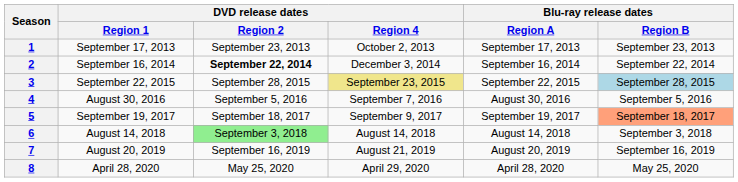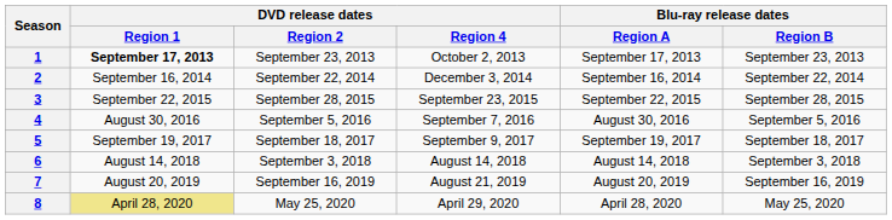 <table class="wikitable" style="text-align:center;">
 <tr>
 <th scope="col" rowspan="2" width="6%">Season</th>
 <th scope="col" colspan="3">DVD release dates</th>
 <th scope="col" colspan="2">Blu-ray release dates</th>
 </tr>
 <tr>
 <th scope="col" width="15%"><a href='#'>Region 1</a></th>
 <th scope="col" width="15%"><a href='#'>Region 2</a></th>
 <th scope="col" width="15%"><a href='#'>Region 4</a></th>
 <th scope="col" width="15%"><a href='#'>Region A</a></th>
 <th scope="col" width="15%"><a href='#'>Region B</a></th>
 </tr>
 <tr>
 <th scope="row"><a href='#'>1</a></th>
-<td>September 17, 2013</td>
+<td><strong>September 17, 2013</strong></td>
 <td>September 23, 2013</td>
 <td>October 2, 2013</td>
 <td>September 17, 2013</td>
 <td>September 23, 2013</td>
 </tr>
 <tr>
 <th scope="row"><a href='#'>2</a></th>
 <td>September 16, 2014</td>
-<td><strong>September 22, 2014</strong></td>
+<td>September 22, 2014</td>
 <td>December 3, 2014</td>
 <td>September 16, 2014</td>
 <td>September 22, 2014</td>
 </tr>
 <tr>
 <th scope="row"><a href='#'>3</a></th>
 <td>September 22, 2015</td>
 <td>September 28, 2015</td>
-<td style="background: khaki;">September 23, 2015</td>
+<td>September 23, 2015</td>
 <td>September 22, 2015</td>
-<td style="background: lightblue;">September 28, 2015</td>
+<td>September 28, 2015</td>
 </tr>
 <tr>
 <th scope="row"><a href='#'>4</a></th>
 <td>August 30, 2016</td>
 <td>September 5, 2016</td>
 <td>September 7, 2016</td>
 <td>August 30, 2016</td>
 <td>September 5, 2016</td>
 </tr>
 <tr>
 <th scope="row"><a href='#'>5</a></th>
 <td>September 19, 2017</td>
 <td>September 18, 2017</td>
 <td>September 9, 2017</td>
 <td>September 19, 2017</td>
-<td style="background: lightsalmon;">September 18, 2017</td>
+<td>September 18, 2017</td>
 </tr>
 <tr>
 <th scope="row"><a href='#'>6</a></th>
 <td>August 14, 2018</td>
-<td style="background: lightgreen;">September 3, 2018</td>
+<td>September 3, 2018</td>
 <td>August 14, 2018</td>
 <td>August 14, 2018</td>
 <td>September 3, 2018</td>
 </tr>
 <tr>
 <th scope="row"><a href='#'>7</a></th>
 <td>August 20, 2019</td>
 <td>September 16, 2019</td>
 <td>August 21, 2019</td>
 <td>August 20, 2019</td>
 <td>September 16, 2019</td>
 </tr>
 <tr>
 <th scope="row"><a href='#'>8</a></th>
-<td>April 28, 2020</td>
+<td style="background: khaki;">April 28, 2020</td>
 <td>May 25, 2020</td>
 <td>April 29, 2020</td>
 <td>April 28, 2020</td>
 <td>May 25, 2020</td>
 </tr>
 </table>
